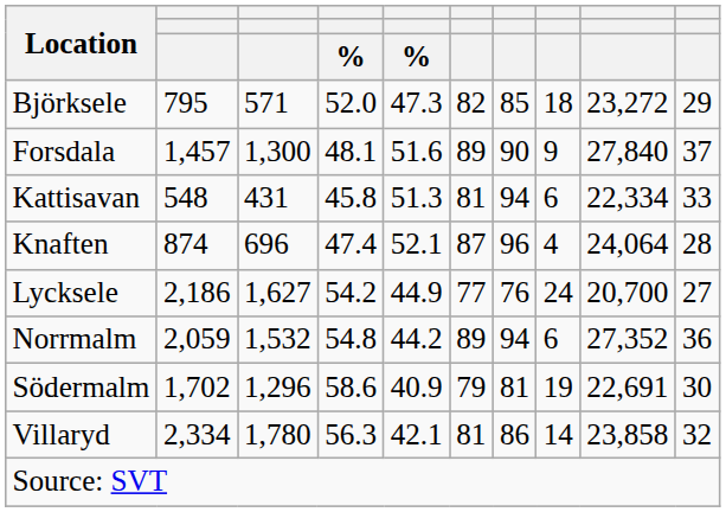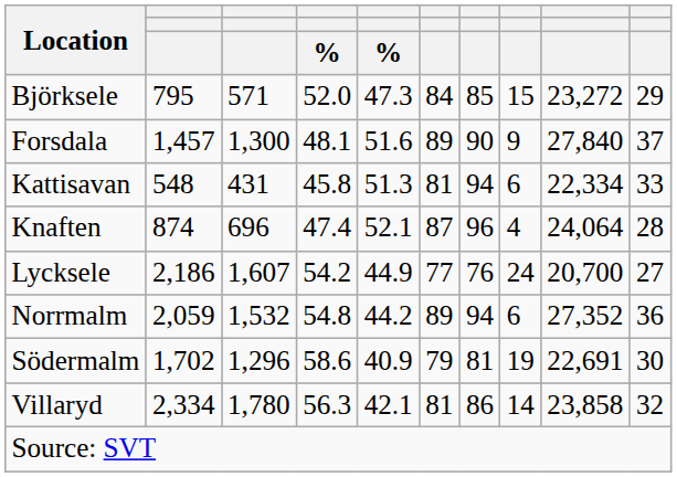 <table role="presentation" class="wikitable sortable mw-collapsible">
 <tr>
 <th rowspan="3">Location</th>
 <th></th>
 <th></th>
 <th></th>
 <th></th>
 <th></th>
 <th></th>
 <th></th>
 <th></th>
 <th></th>
 </tr>
 <tr>
 <th></th>
 <th></th>
 <th style="background:"></th>
 <th style="background:"></th>
 <th></th>
 <th></th>
 <th></th>
 <th></th>
 <th></th>
 </tr>
 <tr>
 <th data-sort-type="number"></th>
 <th data-sort-type="number"></th>
 <th data-sort-type="number">%</th>
 <th data-sort-type="number">%</th>
 <th data-sort-type="number"></th>
 <th data-sort-type="number"></th>
 <th data-sort-type="number"></th>
 <th data-sort-type="number"></th>
 <th data-sort-type="number"></th>
 </tr>
 <tr>
 <td align="left">Björksele</td>
 <td>795</td>
 <td>571</td>
 <td>52.0</td>
 <td>47.3</td>
-<td>82</td>
+<td>84</td>
 <td>85</td>
-<td>18</td>
+<td>15</td>
 <td>23,272</td>
 <td>29</td>
 </tr>
 <tr>
 <td align="left">Forsdala</td>
 <td>1,457</td>
 <td>1,300</td>
 <td>48.1</td>
 <td>51.6</td>
 <td>89</td>
 <td>90</td>
 <td>9</td>
 <td>27,840</td>
 <td>37</td>
 </tr>
 <tr>
 <td align="left">Kattisavan</td>
 <td>548</td>
 <td>431</td>
 <td>45.8</td>
 <td>51.3</td>
 <td>81</td>
 <td>94</td>
 <td>6</td>
 <td>22,334</td>
 <td>33</td>
 </tr>
 <tr>
 <td align="left">Knaften</td>
 <td>874</td>
 <td>696</td>
 <td>47.4</td>
 <td>52.1</td>
 <td>87</td>
 <td>96</td>
 <td>4</td>
 <td>24,064</td>
 <td>28</td>
 </tr>
 <tr>
 <td align="left">Lycksele</td>
 <td>2,186</td>
-<td>1,627</td>
+<td>1,607</td>
 <td>54.2</td>
 <td>44.9</td>
 <td>77</td>
 <td>76</td>
 <td>24</td>
 <td>20,700</td>
 <td>27</td>
 </tr>
 <tr>
 <td align="left">Norrmalm</td>
 <td>2,059</td>
 <td>1,532</td>
 <td>54.8</td>
 <td>44.2</td>
 <td>89</td>
 <td>94</td>
 <td>6</td>
 <td>27,352</td>
 <td>36</td>
 </tr>
 <tr>
 <td align="left">Södermalm</td>
 <td>1,702</td>
 <td>1,296</td>
 <td>58.6</td>
 <td>40.9</td>
 <td>79</td>
 <td>81</td>
 <td>19</td>
 <td>22,691</td>
 <td>30</td>
 </tr>
 <tr>
 <td align="left">Villaryd</td>
 <td>2,334</td>
 <td>1,780</td>
 <td>56.3</td>
 <td>42.1</td>
 <td>81</td>
 <td>86</td>
 <td>14</td>
 <td>23,858</td>
 <td>32</td>
 </tr>
 <tr>
 <td colspan="10" align="left">Source: <a href='#'>SVT</a></td>
 </tr>
 </table>
